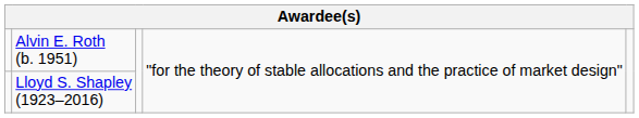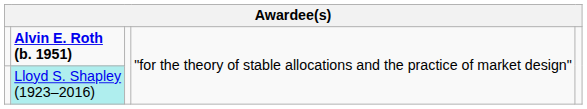 <table class="wikitable">
 <tr>
 <th colspan="5">Awardee(s)</th>
 </tr>
 <tr>
 <td></td>
-<td><a href='#'>Alvin E. Roth</a><br>(b. 1951)</td>
+<td><strong><a href='#'>Alvin E. Roth</a><br>(b. 1951)</strong></td>
 <td rowspan="2"></td>
 <td rowspan="2">"for the theory of stable allocations and the practice of market design"</td>
 <td rowspan="2"></td>
 </tr>
 <tr>
 <td></td>
-<td><a href='#'>Lloyd S. Shapley</a><br>(1923–2016)</td>
+<td style="background: paleturquoise;"><a href='#'>Lloyd S. Shapley</a><br>(1923–2016)</td>
 </tr>
 </table>
